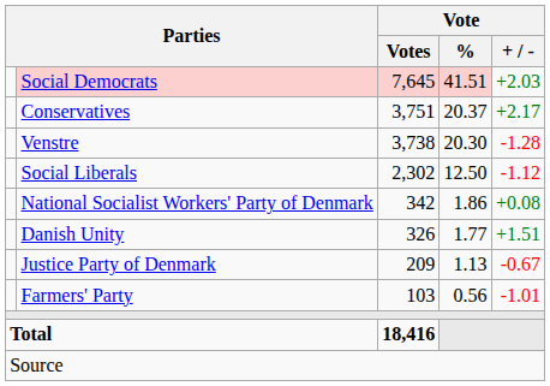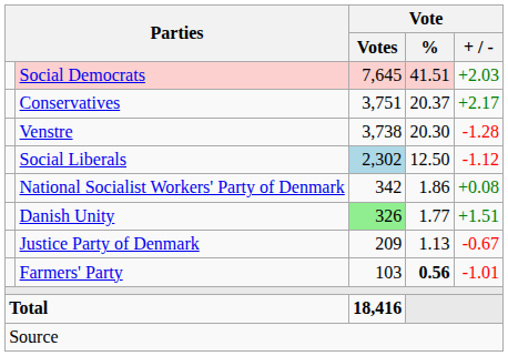 <table class="wikitable" style="text-align:right;">
 <tr>
 <th style="text-align:centre;" rowspan="2" colspan="2" width="225">Parties</th>
 <th colspan="3">Vote</th>
 </tr>
 <tr>
 <th width="15">Votes</th>
 <th width="15">%</th>
 <th width="15">+ / -</th>
 </tr>
 <tr>
 <td width="2" style="color:inherit;background:"></td>
 <td bgcolor=#fbd0ce  align="left"><a href='#'>Social Democrats</a></td>
 <td bgcolor=#fbd0ce>7,645</td>
 <td bgcolor=#fbd0ce>41.51</td>
 <td style=color:green;>+2.03</td>
 </tr>
 <tr>
 <td width="2" style="color:inherit;background:"></td>
 <td align="left"><a href='#'>Conservatives</a></td>
 <td>3,751</td>
 <td>20.37</td>
 <td style=color:green;>+2.17</td>
 </tr>
 <tr>
 <td width="2" style="color:inherit;background:"></td>
 <td align="left"><a href='#'>Venstre</a></td>
 <td>3,738</td>
 <td>20.30</td>
 <td style=color:red;>-1.28</td>
 </tr>
 <tr>
 <td width="2" style="color:inherit;background:"></td>
 <td align="left"><a href='#'>Social Liberals</a></td>
-<td>2,302</td>
+<td style="background: lightblue;">2,302</td>
 <td>12.50</td>
 <td style=color:red;>-1.12</td>
 </tr>
 <tr>
 <td width="2" style="color:inherit;background:"></td>
 <td align="left"><a href='#'>National Socialist Workers' Party of Denmark</a></td>
 <td>342</td>
 <td>1.86</td>
 <td style=color:green;>+0.08</td>
 </tr>
 <tr>
 <td width="2" style="color:inherit;background:"></td>
 <td align="left"><a href='#'>Danish Unity</a></td>
-<td>326</td>
+<td style="background: lightgreen;">326</td>
 <td>1.77</td>
 <td style=color:green;>+1.51</td>
 </tr>
 <tr>
 <td width="2" style="color:inherit;background:"></td>
 <td align="left"><a href='#'>Justice Party of Denmark</a></td>
 <td>209</td>
 <td>1.13</td>
 <td style=color:red;>-0.67</td>
 </tr>
 <tr>
 <td width="2" style="color:inherit;background:"></td>
 <td align="left"><a href='#'>Farmers' Party</a></td>
 <td>103</td>
-<td>0.56</td>
+<td><strong>0.56</strong></td>
 <td style=color:red;>-1.01</td>
 </tr>
 <tr>
 <td colspan="7" bgcolor="#E9E9E9"></td>
 </tr>
 <tr>
 <td align="left" colspan="2"><strong>Total</strong></td>
 <td><strong>18,416</strong></td>
 <td bgcolor="#E9E9E9" colspan="2"></td>
 </tr>
 <tr>
 <td align="left" colspan="6">Source</td>
 </tr>
 </table>
